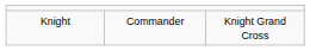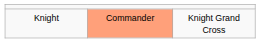 <table align=center class=wikitable width=30% style="margin-left: auto; margin-right: auto; border: none;">
 <tr>
 <td colspan="3" align="center"></td>
 </tr>
 <tr>
 <td width=20% valign=top align=center><small>Knight</small></td>
-<td width=20% valign=top align=center><small>Commander</small></td>
+<td width=20% valign=top align=center style="background: lightsalmon;"><small>Commander</small></td>
 <td width=20% valign=top align=center><small>Knight Grand Cross</small></td>
 </tr>
 <tr>
 </tr>
 </table>
